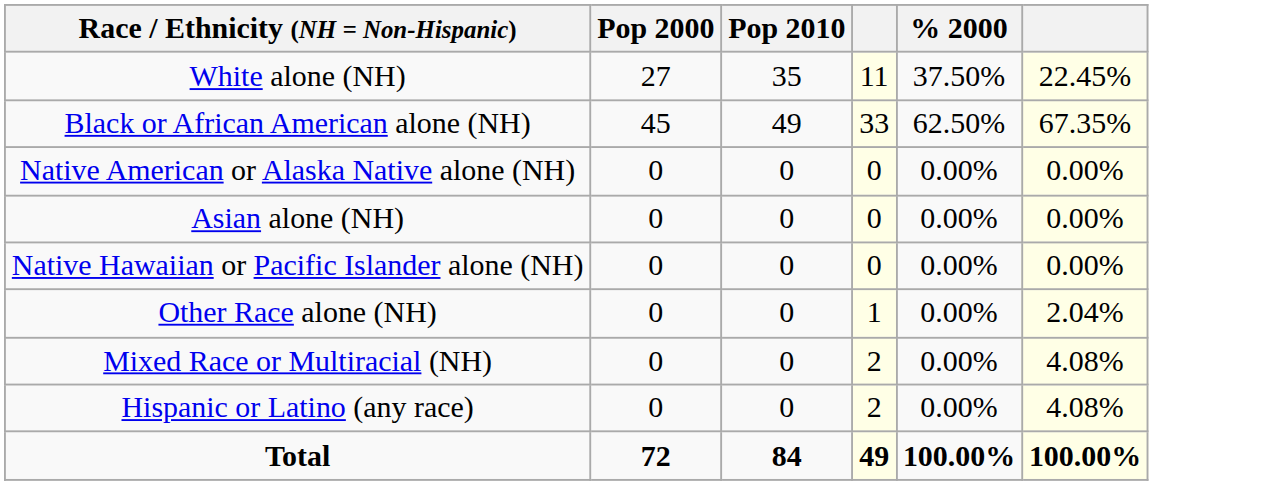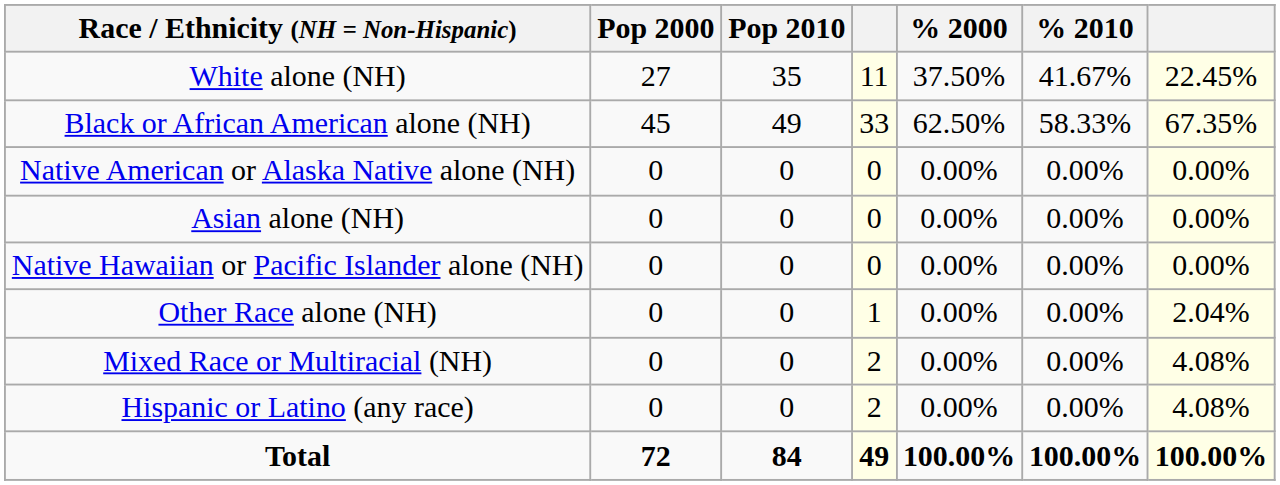 <table class="wikitable" style="text-align:center;">
 <tr>
 <th>Race / Ethnicity <small>(<em>NH = Non-Hispanic</em>)</small></th>
 <th>Pop 2000</th>
 <th>Pop 2010</th>
 <th></th>
 <th>% 2000</th>
+<th>% 2010</th>
 <th></th>
 </tr>
 <tr>
 <td><a href='#'>White</a> alone (NH)</td>
 <td>27</td>
 <td>35</td>
 <td style='background: #ffffe6;'>11</td>
 <td>37.50%</td>
+<td>41.67%</td>
 <td style='background: #ffffe6;'>22.45%</td>
 </tr>
 <tr>
 <td><a href='#'>Black or African American</a> alone (NH)</td>
 <td>45</td>
 <td>49</td>
 <td style='background: #ffffe6;'>33</td>
 <td>62.50%</td>
+<td>58.33%</td>
 <td style='background: #ffffe6;'>67.35%</td>
 </tr>
 <tr>
 <td><a href='#'>Native American</a> or <a href='#'>Alaska Native</a> alone (NH)</td>
 <td>0</td>
 <td>0</td>
 <td style='background: #ffffe6;'>0</td>
+<td>0.00%</td>
 <td>0.00%</td>
 <td style='background: #ffffe6;'>0.00%</td>
 </tr>
 <tr>
 <td><a href='#'>Asian</a> alone (NH)</td>
 <td>0</td>
 <td>0</td>
 <td style='background: #ffffe6;'>0</td>
 <td>0.00%</td>
+<td>0.00%</td>
 <td style='background: #ffffe6;'>0.00%</td>
 </tr>
 <tr>
 <td><a href='#'>Native Hawaiian</a> or <a href='#'>Pacific Islander</a> alone (NH)</td>
 <td>0</td>
 <td>0</td>
 <td style='background: #ffffe6;'>0</td>
+<td>0.00%</td>
 <td>0.00%</td>
 <td style='background: #ffffe6;'>0.00%</td>
 </tr>
 <tr>
 <td><a href='#'>Other Race</a> alone (NH)</td>
 <td>0</td>
 <td>0</td>
 <td style='background: #ffffe6;'>1</td>
 <td>0.00%</td>
+<td>0.00%</td>
 <td style='background: #ffffe6;'>2.04%</td>
 </tr>
 <tr>
 <td><a href='#'>Mixed Race or Multiracial</a> (NH)</td>
 <td>0</td>
 <td>0</td>
 <td style='background: #ffffe6;'>2</td>
+<td>0.00%</td>
 <td>0.00%</td>
 <td style='background: #ffffe6;'>4.08%</td>
 </tr>
 <tr>
 <td><a href='#'>Hispanic or Latino</a> (any race)</td>
 <td>0</td>
 <td>0</td>
 <td style='background: #ffffe6;'>2</td>
 <td>0.00%</td>
+<td>0.00%</td>
 <td style='background: #ffffe6;'>4.08%</td>
 </tr>
 <tr>
 <td><strong>Total</strong></td>
 <td><strong>72</strong></td>
 <td><strong>84</strong></td>
 <td style='background: #ffffe6;'><strong>49</strong></td>
 <td><strong>100.00%</strong></td>
+<td><strong>100.00%</strong></td>
 <td style='background: #ffffe6;'><strong>100.00%</strong></td>
 </tr>
 </table>
